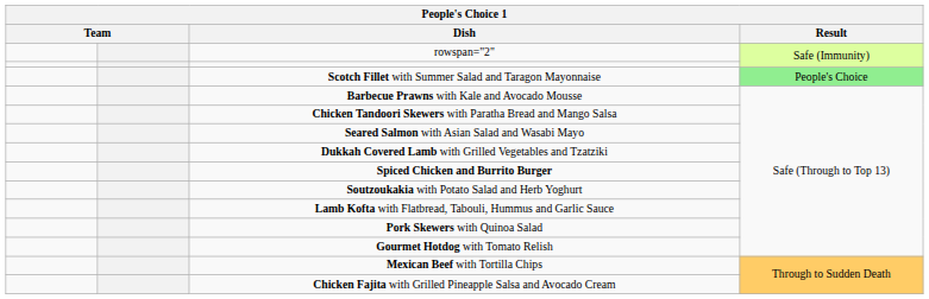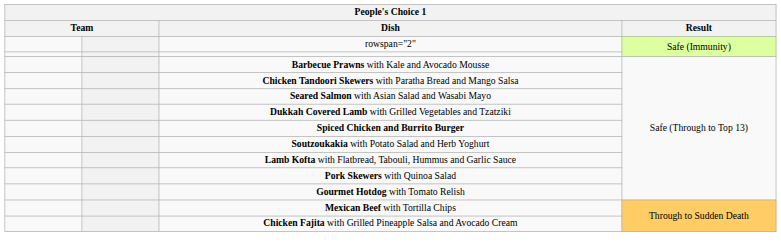 <table class="wikitable plainrowheaders" style="margin:1em auto; text-align:center; font-size:90%; width:80em;">
 <tr>
 <th colspan="4" >People's Choice 1</th>
 </tr>
 <tr>
 <th style="width:20%;" colspan="2">Team</th>
 <th style="width:60%;">Dish</th>
 <th style="width:20%;">Result</th>
 </tr>
 <tr>
 <td></td>
 <th></th>
 <td>rowspan="2" </td>
 <td rowspan="2" bgcolor="DDFF9F">Safe (Immunity)</td>
 </tr>
 <tr>
 <td></td>
 <th></th>
-</tr>
-<tr>
-<td></td>
-<th></th>
-<td><strong>Scotch Fillet</strong> with Summer Salad and Taragon Mayonnaise</td>
-<td style="background:lightgreen">People's Choice</td>
 </tr>
 <tr>
 <td></td>
 <th></th>
 <td><strong>Barbecue Prawns</strong> with Kale and Avocado Mousse</td>
 <td rowspan="9">Safe (Through to Top 13)</td>
 </tr>
 <tr>
 <td></td>
 <th></th>
 <td><strong>Chicken Tandoori Skewers</strong> with Paratha Bread and Mango Salsa</td>
 </tr>
 <tr>
 <td></td>
 <th></th>
 <td><strong>Seared Salmon</strong> with Asian Salad and Wasabi Mayo</td>
 </tr>
 <tr>
 <td></td>
 <th></th>
 <td><strong>Dukkah Covered Lamb</strong> with Grilled Vegetables and Tzatziki</td>
 </tr>
 <tr>
 <td></td>
 <th></th>
 <td><strong>Spiced Chicken and Burrito Burger</strong></td>
 </tr>
 <tr>
 <td></td>
 <th></th>
 <td><strong>Soutzoukakia</strong> with Potato Salad and Herb Yoghurt</td>
 </tr>
 <tr>
 <td></td>
 <th></th>
 <td><strong>Lamb Kofta</strong> with Flatbread, Tabouli, Hummus and Garlic Sauce</td>
 </tr>
 <tr>
 <td></td>
 <th></th>
 <td><strong>Pork Skewers</strong> with Quinoa Salad</td>
 </tr>
 <tr>
 <td></td>
 <th></th>
 <td><strong>Gourmet Hotdog</strong> with Tomato Relish</td>
 </tr>
 <tr>
 <td></td>
 <th></th>
 <td><strong>Mexican Beef</strong> with Tortilla Chips</td>
 <td rowspan="2" bgcolor="FFCC66">Through to Sudden Death</td>
 </tr>
 <tr>
 <td></td>
 <th></th>
 <td><strong>Chicken Fajita</strong> with Grilled Pineapple Salsa and Avocado Cream</td>
 </tr>
 </table>
